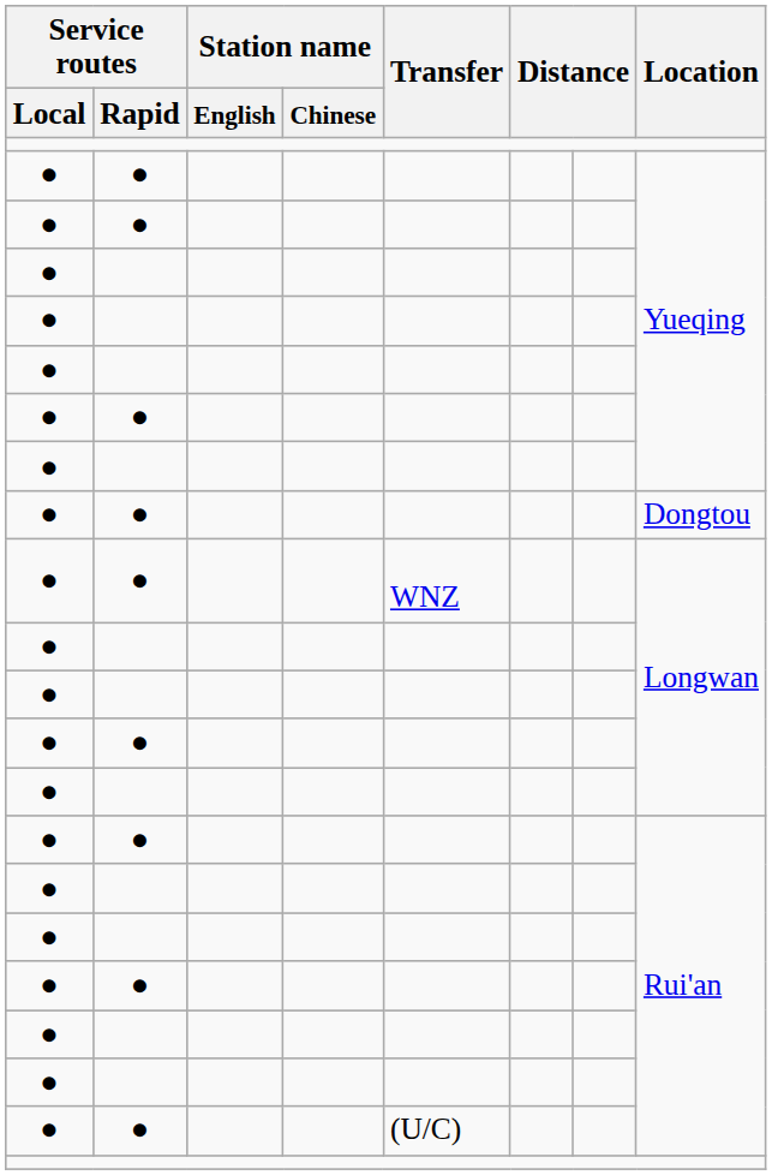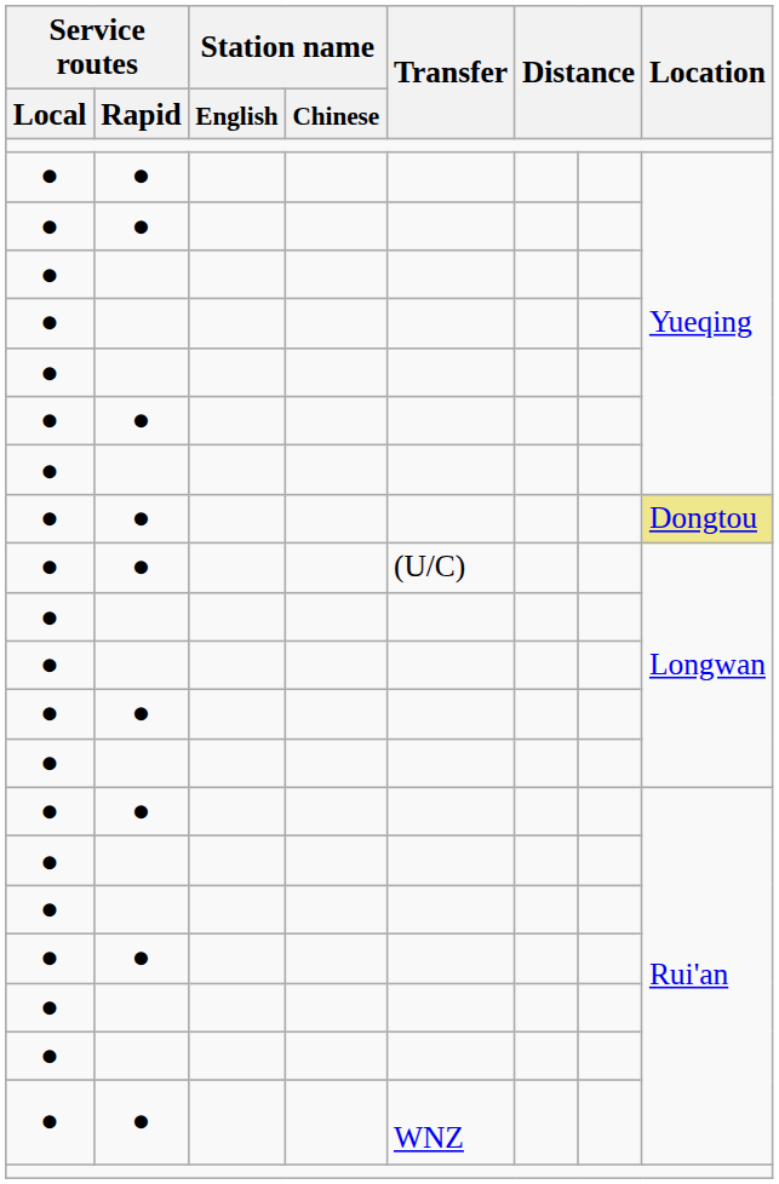 <table class="wikitable">
 <tr>
 <th colspan="2">Service<br>routes</th>
 <th colspan="2">Station name</th>
 <th rowspan=2>Transfer</th>
 <th colspan="2" rowspan="2">Distance<br></th>
 <th rowspan=2>Location</th>
 </tr>
 <tr>
 <th>Local</th>
 <th>Rapid</th>
 <th><small>English</small></th>
 <th><small>Chinese</small></th>
 </tr>
 <tr style="background:#">
 <td colspan = "8"></td>
 </tr>
 <tr>
 <td align="center">●</td>
 <td align="center">●</td>
 <td></td>
 <td></td>
 <td></td>
 <td></td>
 <td></td>
 <td rowspan="7"><a href='#'>Yueqing</a></td>
 </tr>
 <tr>
 <td align="center">●</td>
 <td align="center">●</td>
 <td></td>
 <td></td>
 <td></td>
 <td></td>
 <td></td>
 </tr>
 <tr>
 <td align="center">●</td>
 <td align="center"></td>
 <td></td>
 <td></td>
 <td></td>
 <td></td>
 <td></td>
 </tr>
 <tr>
 <td align="center">●</td>
 <td align="center"></td>
 <td></td>
 <td></td>
 <td></td>
 <td></td>
 <td></td>
 </tr>
 <tr>
 <td align="center">●</td>
 <td align="center"></td>
 <td></td>
 <td></td>
 <td></td>
 <td></td>
 <td></td>
 </tr>
 <tr>
 <td align="center">●</td>
 <td align="center">●</td>
 <td></td>
 <td></td>
 <td></td>
 <td></td>
 <td></td>
 </tr>
 <tr>
 <td align="center">●</td>
 <td align="center"></td>
 <td></td>
 <td></td>
 <td></td>
 <td></td>
 <td></td>
 </tr>
 <tr>
 <td align="center">●</td>
 <td align="center">●</td>
 <td></td>
 <td></td>
 <td></td>
 <td></td>
 <td></td>
-<td><a href='#'>Dongtou</a></td>
+<td style="background: khaki;"><a href='#'>Dongtou</a></td>
 </tr>
 <tr>
 <td align="center">●</td>
 <td align="center">●</td>
 <td></td>
 <td></td>
-<td><br> <a href='#'>WNZ</a></td>
+<td> (U/C)</td>
 <td></td>
 <td></td>
 <td rowspan="5"><a href='#'>Longwan</a></td>
 </tr>
 <tr>
 <td align="center">●</td>
 <td align="center"></td>
 <td></td>
 <td></td>
 <td></td>
 <td></td>
 <td></td>
 </tr>
 <tr>
 <td align="center">●</td>
 <td align="center"></td>
 <td></td>
 <td></td>
 <td></td>
 <td></td>
 <td></td>
 </tr>
 <tr>
 <td align="center">●</td>
 <td align="center">●</td>
 <td></td>
 <td></td>
 <td></td>
 <td></td>
 <td></td>
 </tr>
 <tr>
 <td align="center">●</td>
 <td align="center"></td>
 <td></td>
 <td></td>
 <td></td>
 <td></td>
 <td></td>
 </tr>
 <tr>
 <td align="center">●</td>
 <td align="center">●</td>
 <td></td>
 <td></td>
 <td></td>
 <td></td>
 <td></td>
 <td rowspan="7"><a href='#'>Rui'an</a></td>
 </tr>
 <tr>
 <td align="center">●</td>
 <td align="center"></td>
 <td></td>
 <td></td>
 <td></td>
 <td></td>
 <td></td>
 </tr>
 <tr>
 <td align="center">●</td>
 <td align="center"></td>
 <td></td>
 <td></td>
 <td></td>
 <td></td>
 <td></td>
 </tr>
 <tr>
 <td align="center">●</td>
 <td align="center">●</td>
 <td></td>
 <td></td>
 <td></td>
 <td></td>
 <td></td>
 </tr>
 <tr>
 <td align="center">●</td>
 <td align="center"></td>
 <td></td>
 <td></td>
 <td></td>
 <td></td>
 <td></td>
 </tr>
 <tr>
 <td align="center">●</td>
 <td align="center"></td>
 <td></td>
 <td></td>
 <td></td>
 <td></td>
 <td></td>
 </tr>
 <tr>
 <td align="center">●</td>
 <td align="center">●</td>
 <td></td>
 <td></td>
-<td> (U/C)</td>
+<td><br> <a href='#'>WNZ</a></td>
 <td></td>
 <td></td>
 </tr>
 <tr style="background:#">
 <td colspan = "8"></td>
 </tr>
 </table>
